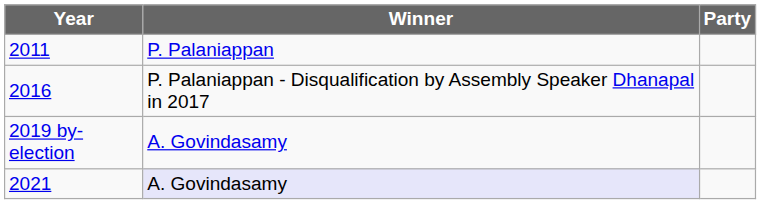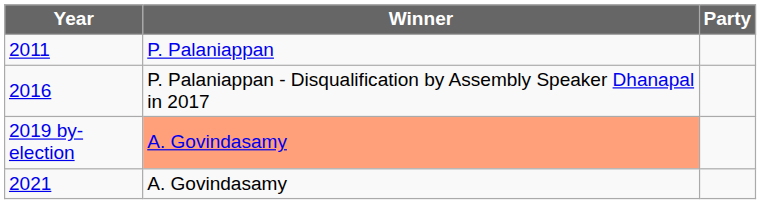 <table class="wikitable sortable" width="50%">
 <tr>
 <th style="background-color:#666666; color:white">Year</th>
 <th style="background-color:#666666; color:white">Winner</th>
 <th style="background-color:#666666; color:white" colspan="2">Party</th>
 </tr>
 <tr>
 <td><a href='#'>2011</a></td>
 <td><a href='#'>P. Palaniappan</a></td>
 <td></td>
 </tr>
 <tr>
 <td><a href='#'>2016</a></td>
 <td>P. Palaniappan - Disqualification by Assembly Speaker <a href='#'>Dhanapal</a> in 2017</td>
 <td></td>
 </tr>
 <tr>
 <td><a href='#'>2019 by-election</a></td>
-<td><a href='#'>A. Govindasamy</a></td>
+<td style="background: lightsalmon;"><a href='#'>A. Govindasamy</a></td>
 <td></td>
 </tr>
 <tr>
 <td><a href='#'>2021</a></td>
-<td style="background: lavender;">A. Govindasamy</td>
+<td>A. Govindasamy</td>
 <td></td>
 </tr>
 </table>
